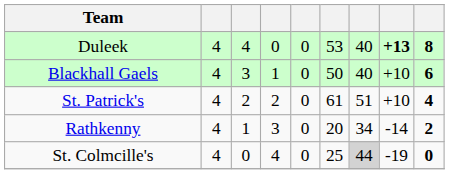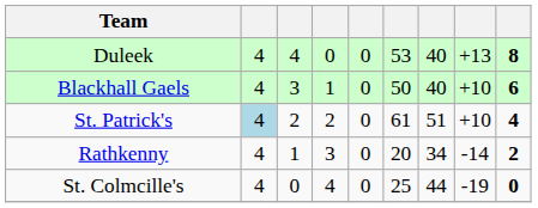 <table class="wikitable" style="text-align:center">
 <tr>
 <th width="175">Team</th>
 <th width="20"></th>
 <th width="20"></th>
 <th width="20"></th>
 <th width="20"></th>
 <th width="20"></th>
 <th width="20"></th>
 <th width="20"></th>
 <th width="20"></th>
 </tr>
 <tr style="background:#cfc;">
 <td>Duleek</td>
 <td>4</td>
 <td>4</td>
 <td>0</td>
 <td>0</td>
 <td>53</td>
 <td>40</td>
-<td><strong>+13</strong></td>
+<td>+13</td>
 <td><strong>8</strong></td>
 </tr>
 <tr style="background:#cfc;">
 <td><a href='#'>Blackhall Gaels</a></td>
 <td>4</td>
 <td>3</td>
 <td>1</td>
 <td>0</td>
 <td>50</td>
 <td>40</td>
 <td>+10</td>
 <td><strong>6</strong></td>
 </tr>
 <tr>
 <td><a href='#'>St. Patrick's</a></td>
-<td>4</td>
+<td style="background: lightblue;">4</td>
 <td>2</td>
 <td>2</td>
 <td>0</td>
 <td>61</td>
 <td>51</td>
 <td>+10</td>
 <td><strong>4</strong></td>
 </tr>
 <tr>
 <td><a href='#'>Rathkenny</a></td>
 <td>4</td>
 <td>1</td>
 <td>3</td>
 <td>0</td>
 <td>20</td>
 <td>34</td>
 <td>-14</td>
 <td><strong>2</strong></td>
 </tr>
 <tr>
 <td>St. Colmcille's</td>
 <td>4</td>
 <td>0</td>
 <td>4</td>
 <td>0</td>
 <td>25</td>
-<td style="background: lightgrey;">44</td>
+<td>44</td>
 <td>-19</td>
 <td><strong>0</strong></td>
 </tr>
 <tr>
 </tr>
 </table>
